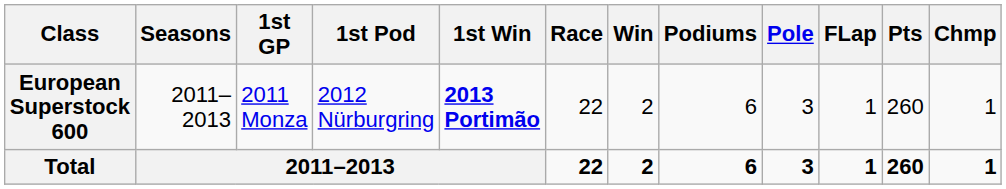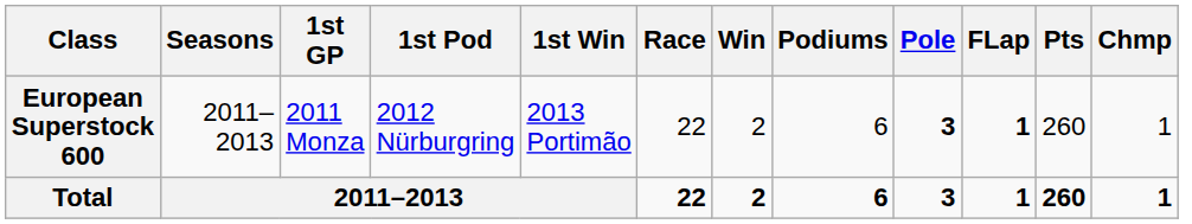 <table class="wikitable" style=text-align:right;">
 <tr>
 <th>Class</th>
 <th>Seasons</th>
 <th>1st GP</th>
 <th>1st Pod</th>
 <th>1st Win</th>
 <th>Race</th>
 <th>Win</th>
 <th>Podiums</th>
 <th><a href='#'>Pole</a></th>
 <th>FLap</th>
 <th>Pts</th>
 <th>Chmp</th>
 </tr>
 <tr>
 <th>European<br>Superstock<br>600</th>
 <td>2011–2013</td>
 <td style="text-align:left;"><a href='#'>2011 Monza</a></td>
 <td style="text-align:left;"><a href='#'>2012 Nürburgring</a></td>
-<td style="text-align:left;"><strong><a href='#'>2013 Portimão</a></strong></td>
+<td style="text-align:left;"><a href='#'>2013 Portimão</a></td>
 <td>22</td>
 <td>2</td>
 <td>6</td>
-<td>3</td>
-<td>1</td>
+<td><strong>3</strong></td>
+<td><strong>1</strong></td>
 <td>260</td>
 <td>1</td>
 </tr>
 <tr>
 <th>Total</th>
 <th colspan="4">2011–2013</th>
 <td><strong>22</strong></td>
 <td><strong>2</strong></td>
 <td><strong>6</strong></td>
 <td><strong>3</strong></td>
 <td><strong>1</strong></td>
 <td><strong>260</strong></td>
 <td><strong>1</strong></td>
 </tr>
 </table>
